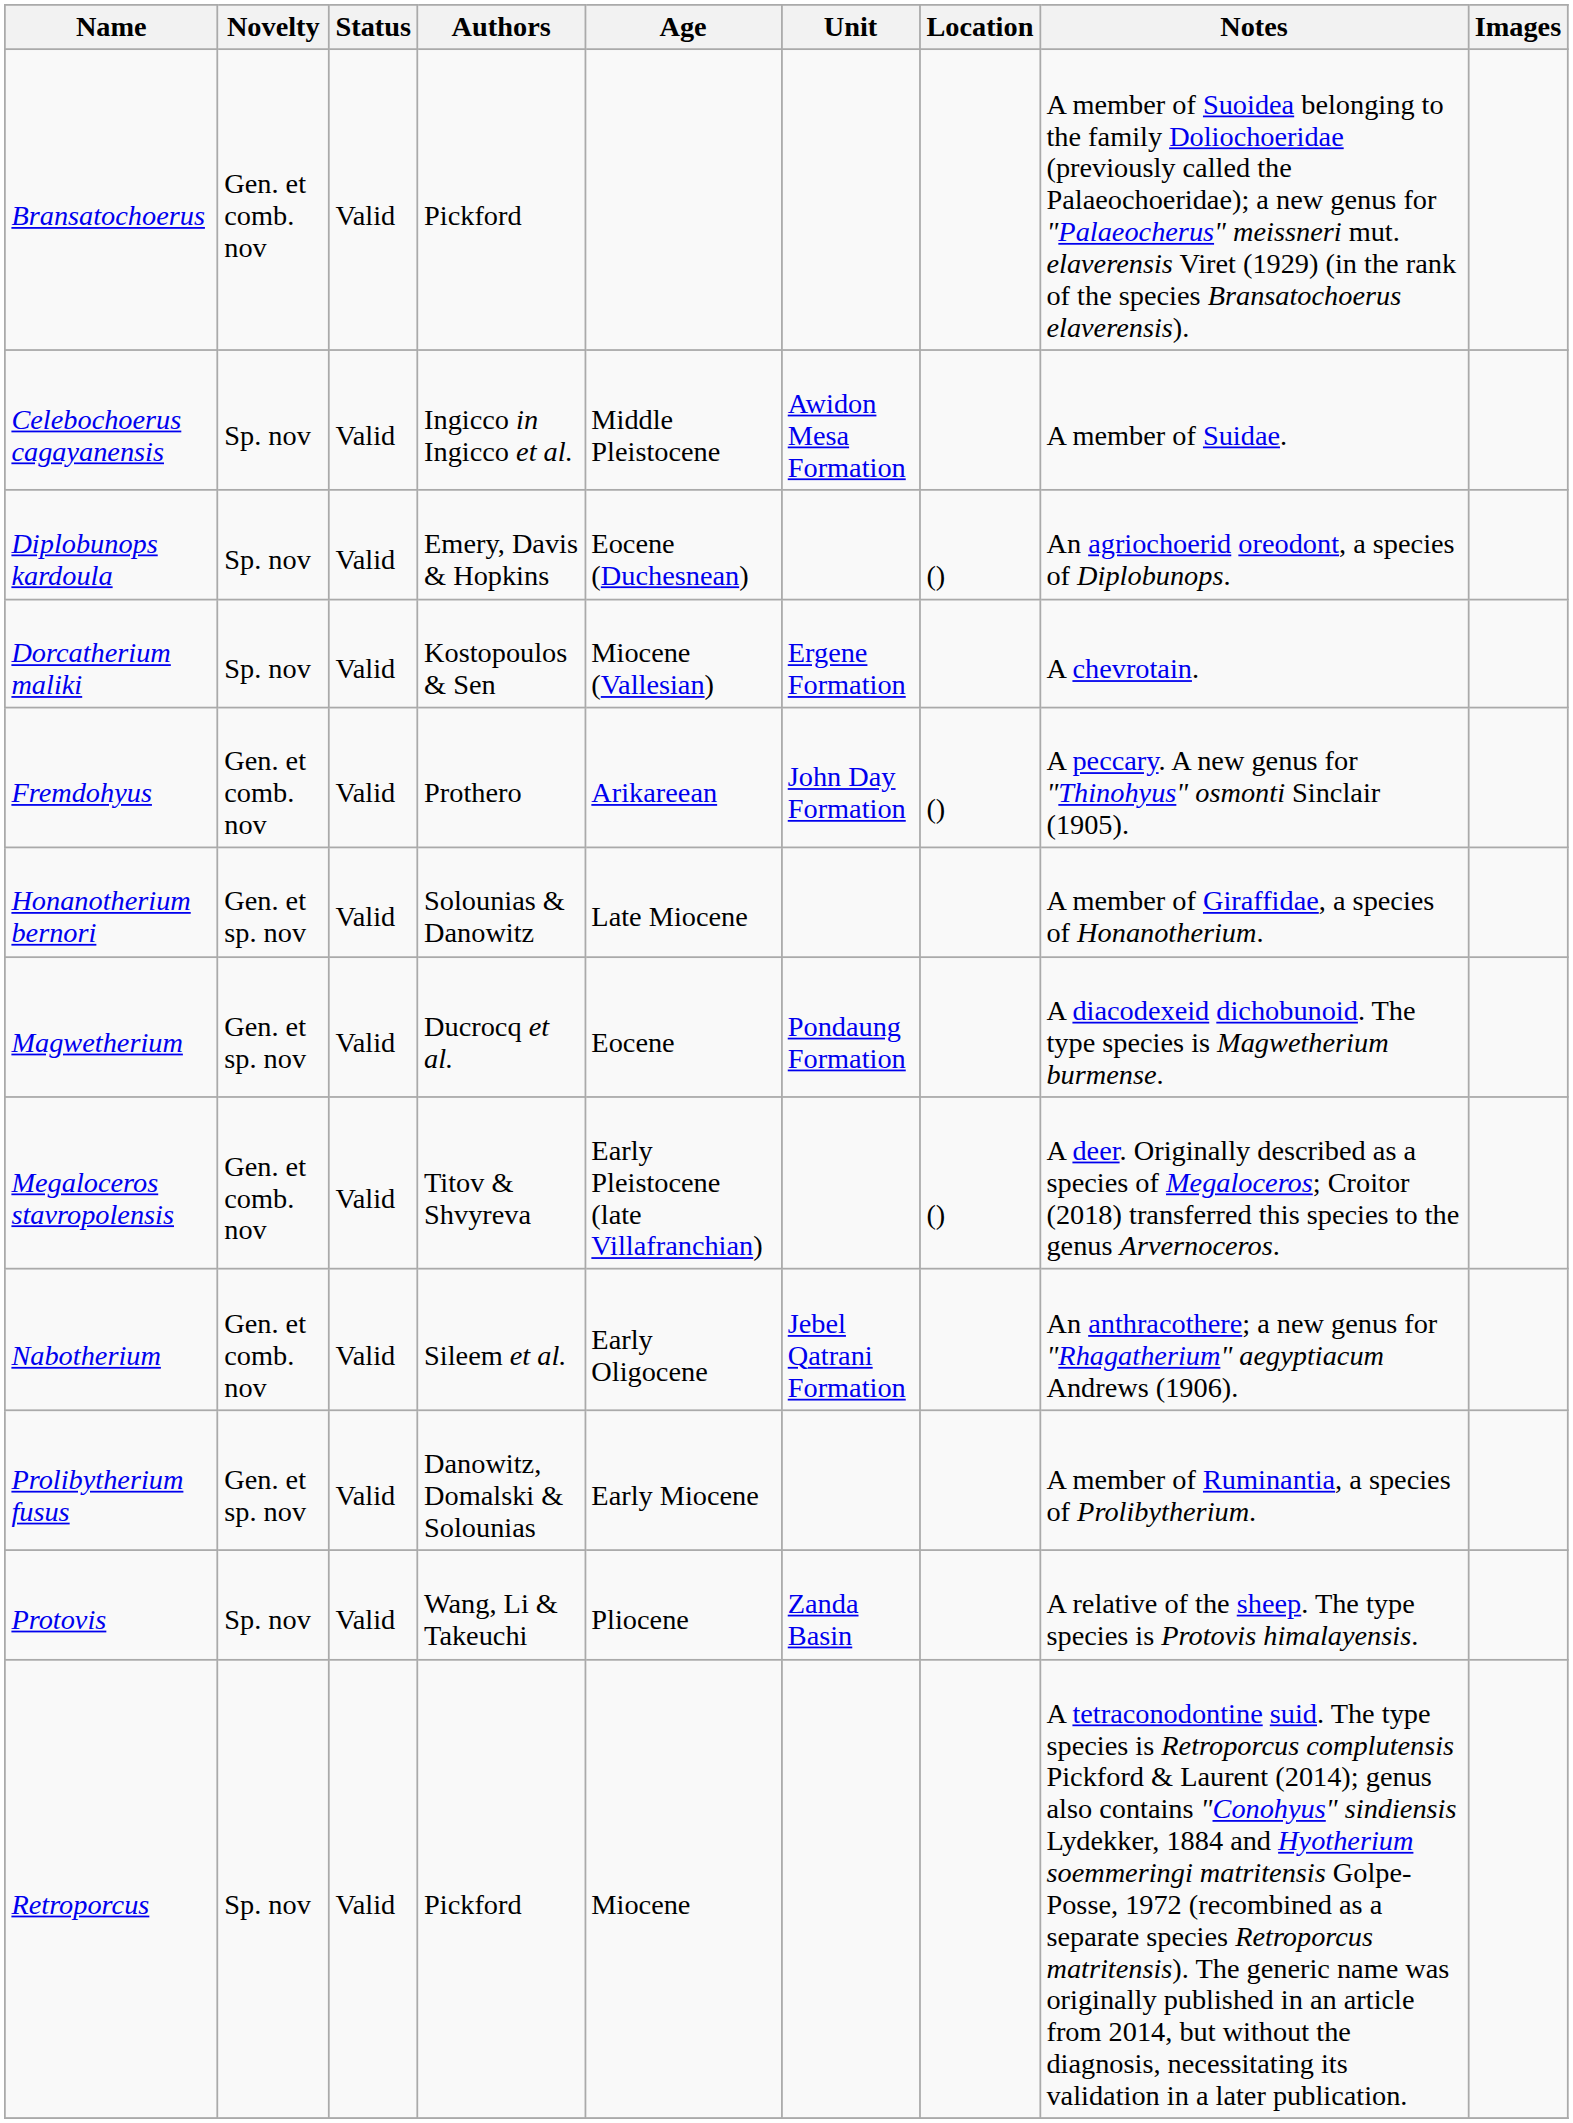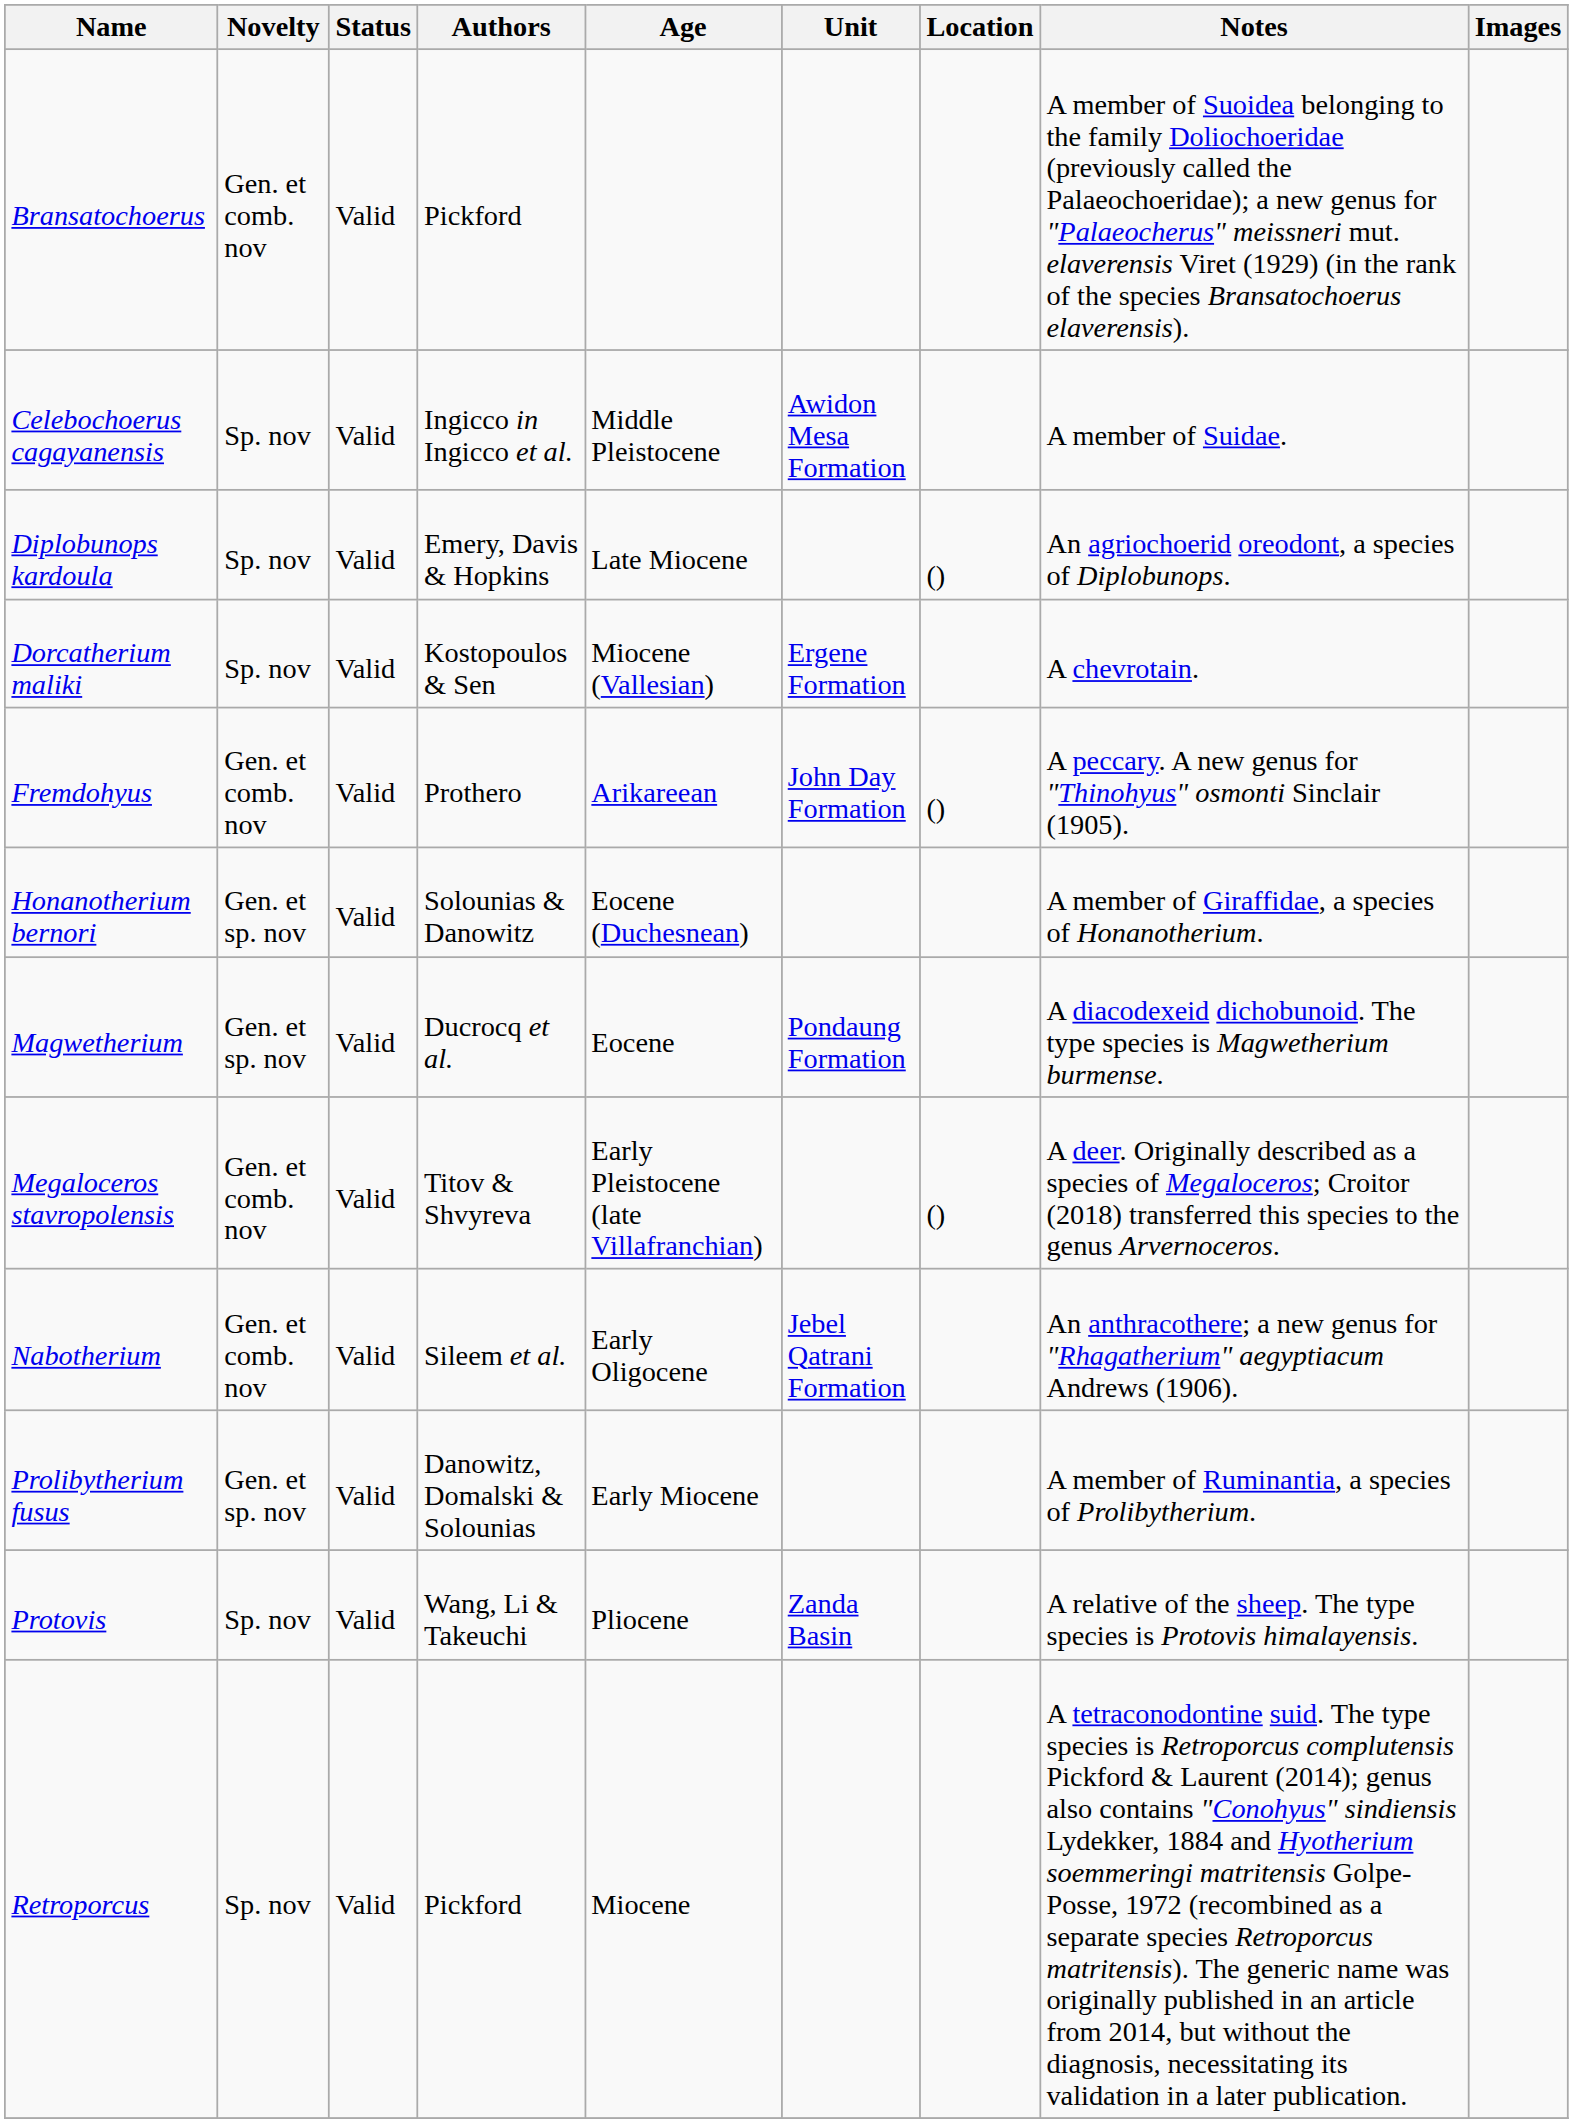 <table class="wikitable sortable" align="center" width="100%">
 <tr>
 <th>Name</th>
 <th>Novelty</th>
 <th>Status</th>
 <th>Authors</th>
 <th>Age</th>
 <th>Unit</th>
 <th>Location</th>
 <th>Notes</th>
 <th>Images</th>
 </tr>
 <tr>
 <td><br><em><a href='#'>Bransatochoerus</a></em></td>
 <td><br>Gen. et comb. nov</td>
 <td><br>Valid</td>
 <td><br>Pickford</td>
 <td></td>
 <td></td>
 <td><br></td>
 <td><br>A member of <a href='#'>Suoidea</a> belonging to the family <a href='#'>Doliochoeridae</a> (previously called the Palaeochoeridae); a new genus for <em>"<a href='#'>Palaeocherus</a>" meissneri</em> mut. <em>elaverensis</em> Viret (1929) (in the rank of the species <em>Bransatochoerus elaverensis</em>).</td>
 <td></td>
 </tr>
 <tr>
 <td><br><em><a href='#'>Celebochoerus cagayanensis</a></em></td>
 <td><br>Sp. nov</td>
 <td><br>Valid</td>
 <td><br>Ingicco <em>in</em> Ingicco <em>et al.</em></td>
 <td><br>Middle Pleistocene</td>
 <td><br><a href='#'>Awidon Mesa Formation</a></td>
 <td><br></td>
 <td><br>A member of <a href='#'>Suidae</a>.</td>
 <td></td>
 </tr>
 <tr>
 <td><br><em><a href='#'>Diplobunops kardoula</a></em></td>
 <td><br>Sp. nov</td>
 <td><br>Valid</td>
 <td><br>Emery, Davis & Hopkins</td>
-<td><br>Eocene (<a href='#'>Duchesnean</a>)</td>
+<td><br>Late Miocene</td>
 <td></td>
 <td><br><br>()</td>
 <td><br>An <a href='#'>agriochoerid</a> <a href='#'>oreodont</a>, a species of <em>Diplobunops</em>.</td>
 <td></td>
 </tr>
 <tr>
 <td><br><em><a href='#'>Dorcatherium maliki</a></em></td>
 <td><br>Sp. nov</td>
 <td><br>Valid</td>
 <td><br>Kostopoulos & Sen</td>
 <td><br>Miocene (<a href='#'>Vallesian</a>)</td>
 <td><br><a href='#'>Ergene Formation</a></td>
 <td><br></td>
 <td><br>A <a href='#'>chevrotain</a>.</td>
 <td></td>
 </tr>
 <tr>
 <td><br><em><a href='#'>Fremdohyus</a></em></td>
 <td><br>Gen. et comb. nov</td>
 <td><br>Valid</td>
 <td><br>Prothero</td>
 <td><br><a href='#'>Arikareean</a></td>
 <td><br><a href='#'>John Day Formation</a></td>
 <td><br><br>()</td>
 <td><br>A <a href='#'>peccary</a>. A new genus for <em>"<a href='#'>Thinohyus</a>" osmonti</em> Sinclair (1905).</td>
 <td></td>
 </tr>
 <tr>
 <td><br><em><a href='#'>Honanotherium bernori</a></em></td>
 <td><br>Gen. et sp. nov</td>
 <td><br>Valid</td>
 <td><br>Solounias & Danowitz</td>
-<td><br>Late Miocene</td>
+<td><br>Eocene (<a href='#'>Duchesnean</a>)</td>
 <td></td>
 <td><br></td>
 <td><br>A member of <a href='#'>Giraffidae</a>, a species of <em>Honanotherium</em>.</td>
 <td></td>
 </tr>
 <tr>
 <td><br><em><a href='#'>Magwetherium</a></em></td>
 <td><br>Gen. et sp. nov</td>
 <td><br>Valid</td>
 <td><br>Ducrocq <em>et al.</em></td>
 <td><br>Eocene</td>
 <td><br><a href='#'>Pondaung Formation</a></td>
 <td><br></td>
 <td><br>A <a href='#'>diacodexeid</a> <a href='#'>dichobunoid</a>. The type species is <em>Magwetherium burmense</em>.</td>
 <td></td>
 </tr>
 <tr>
 <td><br><em><a href='#'>Megaloceros stavropolensis</a></em></td>
 <td><br>Gen. et comb. nov</td>
 <td><br>Valid</td>
 <td><br>Titov & Shvyreva</td>
 <td><br>Early Pleistocene (late <a href='#'>Villafranchian</a>)</td>
 <td></td>
 <td><br><br>()</td>
 <td><br>A <a href='#'>deer</a>. Originally described as a species of <em><a href='#'>Megaloceros</a></em>; Croitor (2018) transferred this species to the genus <em>Arvernoceros</em>.</td>
 <td></td>
 </tr>
 <tr>
 <td><br><em><a href='#'>Nabotherium</a></em></td>
 <td><br>Gen. et comb. nov</td>
 <td><br>Valid</td>
 <td><br>Sileem <em>et al.</em></td>
 <td><br>Early Oligocene</td>
 <td><br><a href='#'>Jebel Qatrani Formation</a></td>
 <td><br></td>
 <td><br>An <a href='#'>anthracothere</a>; a new genus for <em>"<a href='#'>Rhagatherium</a>" aegyptiacum</em> Andrews (1906).</td>
 <td></td>
 </tr>
 <tr>
 <td><br><em><a href='#'>Prolibytherium fusus</a></em></td>
 <td><br>Gen. et sp. nov</td>
 <td><br>Valid</td>
 <td><br>Danowitz, Domalski & Solounias</td>
 <td><br>Early Miocene</td>
 <td></td>
 <td><br></td>
 <td><br>A member of <a href='#'>Ruminantia</a>, a species of <em>Prolibytherium</em>.</td>
 <td></td>
 </tr>
 <tr>
 <td><br><em><a href='#'>Protovis</a></em></td>
 <td><br>Sp. nov</td>
 <td><br>Valid</td>
 <td><br>Wang, Li & Takeuchi</td>
 <td><br>Pliocene</td>
 <td><br><a href='#'>Zanda Basin</a></td>
 <td><br></td>
 <td><br>A relative of the <a href='#'>sheep</a>. The type species is <em>Protovis himalayensis</em>.</td>
 <td></td>
 </tr>
 <tr>
 <td><br><em><a href='#'>Retroporcus</a></em></td>
 <td><br>Sp. nov</td>
 <td><br>Valid</td>
 <td><br>Pickford</td>
 <td><br>Miocene</td>
 <td></td>
 <td><br><br> <br> <br> <br> <br> <br> <br> <br> </td>
 <td><br>A <a href='#'>tetraconodontine</a> <a href='#'>suid</a>. The type species is <em>Retroporcus complutensis</em> Pickford & Laurent (2014); genus also contains <em>"<a href='#'>Conohyus</a>" sindiensis</em> Lydekker, 1884 and <em><a href='#'>Hyotherium</a> soemmeringi matritensis</em> Golpe-Posse, 1972 (recombined as a separate species <em>Retroporcus matritensis</em>). The generic name was originally published in an article from 2014, but without the diagnosis, necessitating its validation in a later publication.</td>
 <td></td>
 </tr>
 <tr>
 </tr>
 </table>
